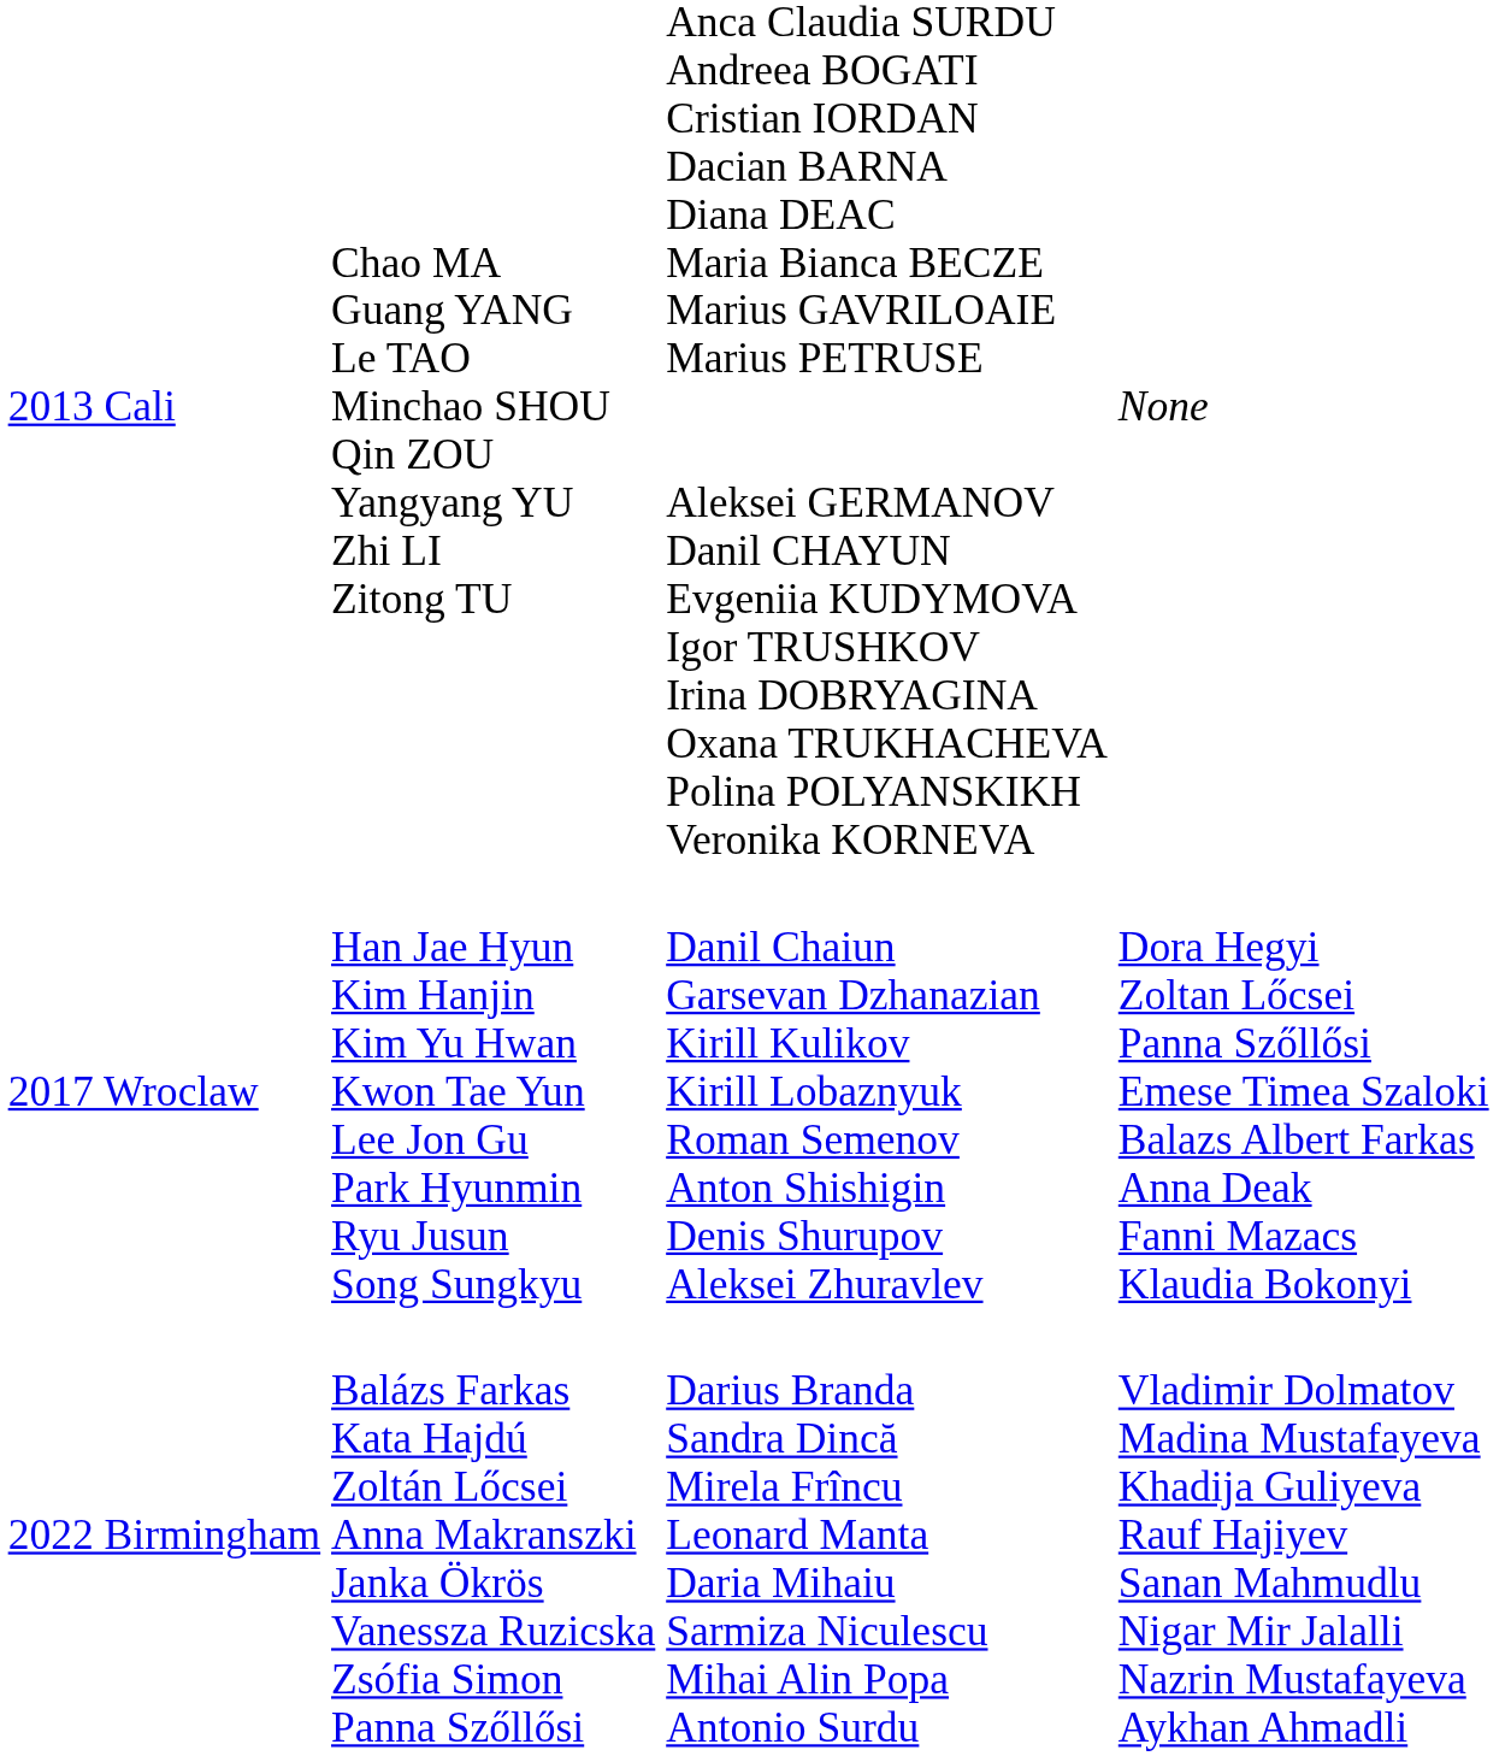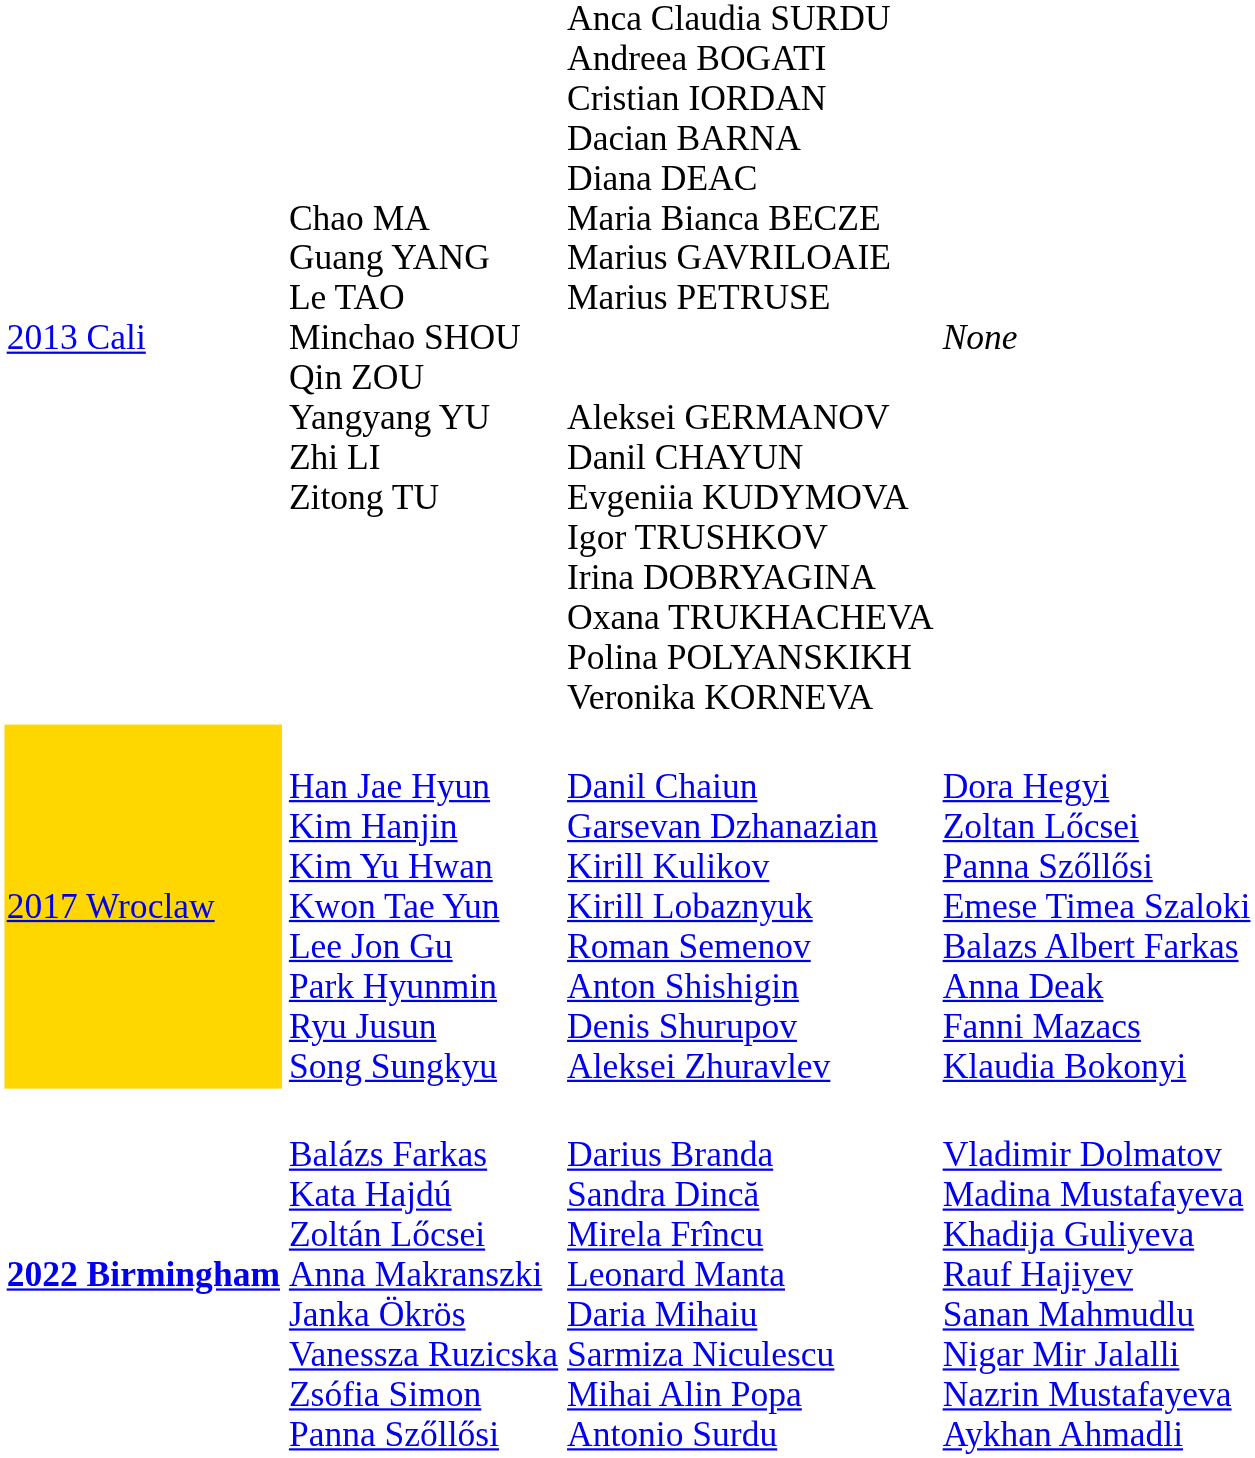 <table>
 <tr>
 <td><a href='#'>2013 Cali</a></td>
 <td><br>Chao  MA<br> Guang  YANG<br> Le  TAO<br> Minchao  SHOU<br> Qin  ZOU<br> Yangyang  YU<br> Zhi  LI<br> Zitong  TU</td>
 <td><br>Anca  Claudia SURDU<br> Andreea  BOGATI<br> Cristian  IORDAN<br> Dacian  BARNA<br> Diana  DEAC<br> Maria  Bianca BECZE<br> Marius  GAVRILOAIE<br> Marius  PETRUSE<br><br><br> Aleksei  GERMANOV<br> Danil  CHAYUN<br> Evgeniia  KUDYMOVA<br> Igor  TRUSHKOV<br> Irina  DOBRYAGINA<br> Oxana  TRUKHACHEVA<br> Polina  POLYANSKIKH<br> Veronika  KORNEVA</td>
 <td><em>None</em></td>
 </tr>
 <tr>
-<td><a href='#'>2017 Wroclaw</a></td>
+<td style="background: gold;"><a href='#'>2017 Wroclaw</a></td>
 <td><br> <a href='#'>Han Jae Hyun</a><br><a href='#'>Kim Hanjin</a><br><a href='#'>Kim Yu Hwan</a><br><a href='#'>Kwon Tae Yun</a><br><a href='#'>Lee Jon Gu</a><br><a href='#'>Park Hyunmin</a><br><a href='#'>Ryu Jusun</a><br><a href='#'>Song Sungkyu</a></td>
 <td><br> <a href='#'>Danil Chaiun</a><br><a href='#'>Garsevan Dzhanazian</a><br><a href='#'>Kirill Kulikov</a><br><a href='#'>Kirill Lobaznyuk</a><br><a href='#'>Roman Semenov</a><br><a href='#'>Anton Shishigin</a><br><a href='#'>Denis Shurupov</a><br><a href='#'>Aleksei Zhuravlev</a></td>
 <td><br> <a href='#'>Dora Hegyi</a><br><a href='#'>Zoltan Lőcsei</a><br><a href='#'>Panna Szőllősi</a><br><a href='#'>Emese Timea Szaloki</a><br><a href='#'>Balazs Albert Farkas</a><br><a href='#'>Anna Deak</a><br><a href='#'>Fanni Mazacs</a><br><a href='#'>Klaudia Bokonyi</a></td>
 </tr>
 <tr>
-<td><a href='#'>2022 Birmingham</a></td>
+<td><strong><a href='#'>2022 Birmingham</a></strong></td>
 <td><br> <a href='#'>Balázs Farkas</a><br><a href='#'>Kata Hajdú</a><br><a href='#'>Zoltán Lőcsei</a><br><a href='#'>Anna Makranszki</a><br><a href='#'>Janka Ökrös</a><br><a href='#'>Vanessza Ruzicska</a><br><a href='#'>Zsófia Simon</a><br><a href='#'>Panna Szőllősi</a></td>
 <td><br> <a href='#'>Darius Branda</a><br><a href='#'>Sandra Dincă</a><br><a href='#'>Mirela Frîncu</a><br><a href='#'>Leonard Manta</a><br><a href='#'>Daria Mihaiu</a><br><a href='#'>Sarmiza Niculescu</a><br><a href='#'>Mihai Alin Popa</a><br><a href='#'>Antonio Surdu</a></td>
 <td><br> <a href='#'>Vladimir Dolmatov</a><br><a href='#'>Madina Mustafayeva</a><br><a href='#'>Khadija Guliyeva</a><br><a href='#'>Rauf Hajiyev</a><br><a href='#'>Sanan Mahmudlu</a><br><a href='#'>Nigar Mir Jalalli</a><br><a href='#'>Nazrin Mustafayeva</a><br><a href='#'>Aykhan Ahmadli</a></td>
 </tr>
 </table>
